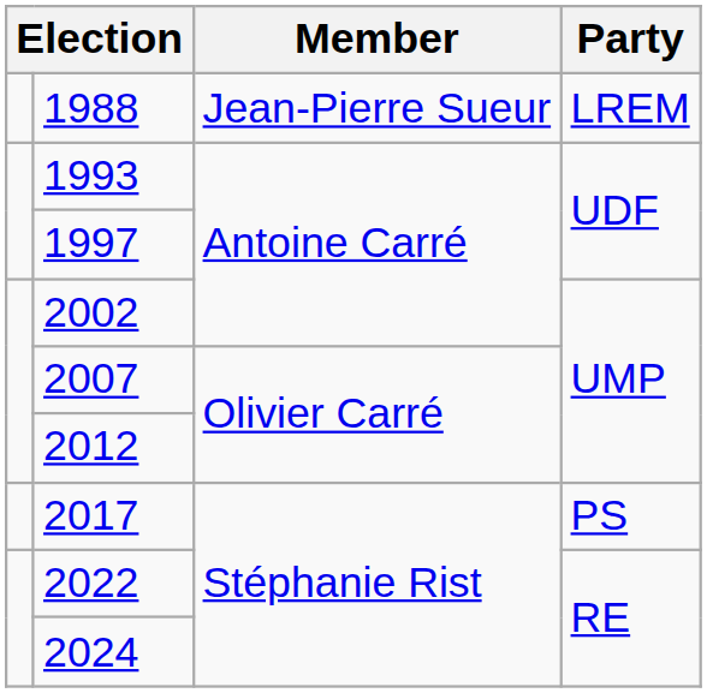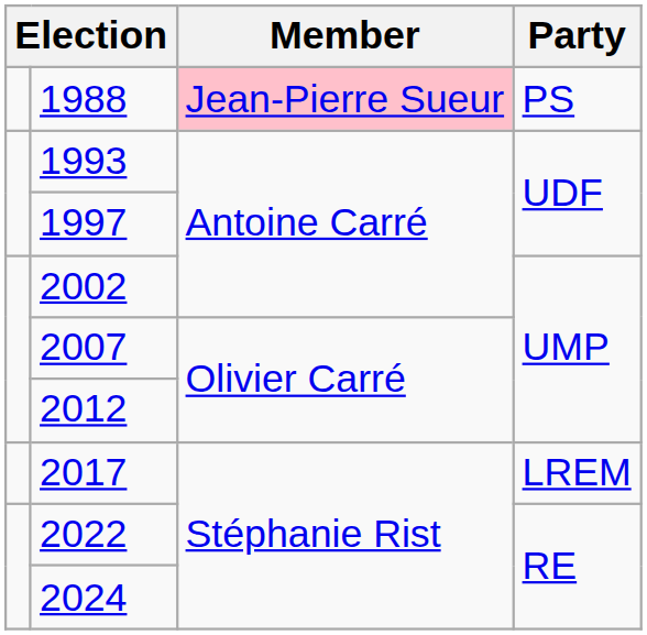 <table class="wikitable">
 <tr>
 <th colspan=2>Election</th>
 <th>Member</th>
 <th>Party</th>
 </tr>
 <tr>
 <td style="color:inherit;background-color: "></td>
 <td><a href='#'>1988</a></td>
-<td><a href='#'>Jean-Pierre Sueur</a></td>
-<td><a href='#'>LREM</a></td>
+<td style="background: pink;"><a href='#'>Jean-Pierre Sueur</a></td>
+<td><a href='#'>PS</a></td>
 </tr>
 <tr>
 <td rowspan="2" style="background-color: "></td>
 <td><a href='#'>1993</a></td>
 <td rowspan="3"><a href='#'>Antoine Carré</a></td>
 <td rowspan="2"><a href='#'>UDF</a></td>
 </tr>
 <tr>
 <td><a href='#'>1997</a></td>
 </tr>
 <tr>
 <td rowspan="3" style="background-color: "></td>
 <td><a href='#'>2002</a></td>
 <td rowspan="3"><a href='#'>UMP</a></td>
 </tr>
 <tr>
 <td><a href='#'>2007</a></td>
 <td rowspan=2><a href='#'>Olivier Carré</a></td>
 </tr>
 <tr>
 <td><a href='#'>2012</a></td>
 </tr>
 <tr>
 <td style="color:inherit;background-color: "></td>
 <td><a href='#'>2017</a></td>
 <td rowspan="3"><a href='#'>Stéphanie Rist</a></td>
-<td><a href='#'>PS</a></td>
+<td><a href='#'>LREM</a></td>
 </tr>
 <tr>
 <td rowspan="2" style="background-color: "></td>
 <td><a href='#'>2022</a></td>
 <td rowspan="2"><a href='#'>RE</a></td>
 </tr>
 <tr>
 <td><a href='#'>2024</a></td>
 </tr>
 </table>
